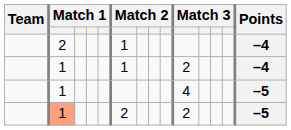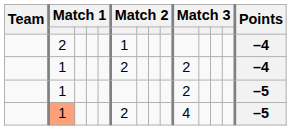 <table class="wikitable sortable" style="text-align:center;">
 <tr>
 <th rowspan=2>Team</th>
 <th colspan=4 style="border-left:3px solid gray">Match 1</th>
 <th colspan=4 style="border-left:3px solid gray">Match 2</th>
 <th colspan=4 style="border-left:3px solid gray">Match 3</th>
 <th rowspan=2 style="border-left:3px solid gray">Points</th>
 </tr>
 <tr>
 <th style="border-left:3px solid gray"></th>
 <th></th>
 <th></th>
 <th></th>
 <th style="border-left:3px solid gray"></th>
 <th></th>
 <th></th>
 <th></th>
 <th style="border-left:3px solid gray"></th>
 <th></th>
 <th></th>
 <th></th>
 </tr>
 <tr>
 <td align=left></td>
 <td style="border-left:3px solid gray">2</td>
 <td></td>
 <td></td>
 <td></td>
 <td style="border-left:3px solid gray">1</td>
 <td></td>
 <td></td>
 <td></td>
 <td style="border-left:3px solid gray"></td>
 <td></td>
 <td></td>
 <td></td>
 <th style="border-left:3px solid gray">–4</th>
 </tr>
 <tr>
 <td align=left></td>
 <td style="border-left:3px solid gray">1</td>
 <td></td>
 <td></td>
 <td></td>
-<td style="border-left:3px solid gray">1</td>
+<td style="border-left:3px solid gray">2</td>
 <td></td>
 <td></td>
 <td></td>
 <td style="border-left:3px solid gray">2</td>
 <td></td>
 <td></td>
 <td></td>
 <th style="border-left:3px solid gray">–4</th>
 </tr>
 <tr>
 <td align=left></td>
 <td style="border-left:3px solid gray">1</td>
 <td></td>
 <td></td>
 <td></td>
 <td style="border-left:3px solid gray"></td>
 <td></td>
 <td></td>
 <td></td>
-<td style="border-left:3px solid gray">4</td>
+<td style="border-left:3px solid gray">2</td>
 <td></td>
 <td></td>
 <td></td>
 <th style="border-left:3px solid gray">–5</th>
 </tr>
 <tr>
 <td align=left></td>
 <td style="background: lightsalmon; border-left:3px solid gray">1</td>
 <td></td>
 <td></td>
 <td></td>
 <td style="border-left:3px solid gray">2</td>
 <td></td>
 <td></td>
 <td></td>
-<td style="border-left:3px solid gray">2</td>
+<td style="border-left:3px solid gray">4</td>
 <td></td>
 <td></td>
 <td></td>
 <th style="border-left:3px solid gray">–5</th>
 </tr>
 </table>
